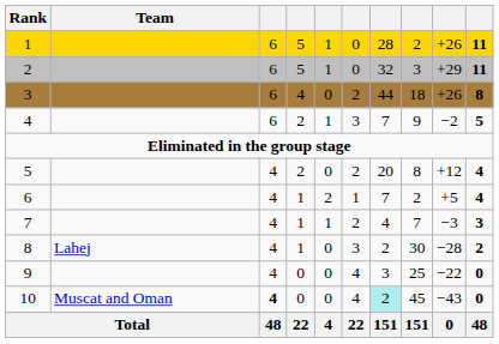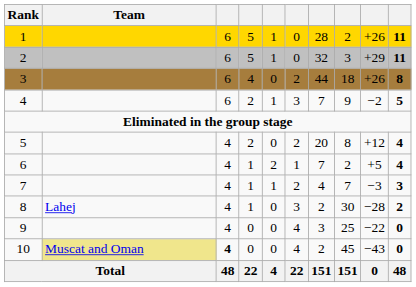 <table class="wikitable" style="text-align:center">
 <tr>
 <th width=20>Rank</th>
 <th width=200>Team</th>
 <th width="20"></th>
 <th width="20"></th>
 <th width="20"></th>
 <th width="20"></th>
 <th width="20"></th>
 <th width="20"></th>
 <th width="20"></th>
 <th width="20"></th>
 </tr>
 <tr style="background:gold;">
 <td>1</td>
 <td style="text-align:left;"></td>
 <td>6</td>
 <td>5</td>
 <td>1</td>
 <td>0</td>
 <td>28</td>
 <td>2</td>
 <td>+26</td>
 <td><strong>11</strong></td>
 </tr>
 <tr style="background:silver;">
 <td>2</td>
 <td style="text-align:left;"></td>
 <td>6</td>
 <td>5</td>
 <td>1</td>
 <td>0</td>
 <td>32</td>
 <td>3</td>
 <td>+29</td>
 <td><strong>11</strong></td>
 </tr>
 <tr style="background:#a67d3d;">
 <td>3</td>
 <td style="text-align:left;"></td>
 <td>6</td>
 <td>4</td>
 <td>0</td>
 <td>2</td>
 <td>44</td>
 <td>18</td>
 <td>+26</td>
 <td><strong>8</strong></td>
 </tr>
 <tr>
 <td>4</td>
 <td style="text-align:left;"></td>
 <td>6</td>
 <td>2</td>
 <td>1</td>
 <td>3</td>
 <td>7</td>
 <td>9</td>
 <td>−2</td>
 <td><strong>5</strong></td>
 </tr>
 <tr>
 <td colspan=14><strong>Eliminated in the group stage</strong></td>
 </tr>
 <tr>
 <td>5</td>
 <td style="text-align:left;"></td>
 <td>4</td>
 <td>2</td>
 <td>0</td>
 <td>2</td>
 <td>20</td>
 <td>8</td>
 <td>+12</td>
 <td><strong>4</strong></td>
 </tr>
 <tr>
 <td>6</td>
 <td style="text-align:left;"></td>
 <td>4</td>
 <td>1</td>
 <td>2</td>
 <td>1</td>
 <td>7</td>
 <td>2</td>
 <td>+5</td>
 <td><strong>4</strong></td>
 </tr>
 <tr>
 <td>7</td>
 <td style="text-align:left;"></td>
 <td>4</td>
 <td>1</td>
 <td>1</td>
 <td>2</td>
 <td>4</td>
 <td>7</td>
 <td>−3</td>
 <td><strong>3</strong></td>
 </tr>
 <tr>
 <td>8</td>
 <td style="text-align:left;"> <a href='#'>Lahej</a></td>
 <td>4</td>
 <td>1</td>
 <td>0</td>
 <td>3</td>
 <td>2</td>
 <td>30</td>
 <td>−28</td>
 <td><strong>2</strong></td>
 </tr>
 <tr>
 <td>9</td>
 <td style="text-align:left;"></td>
 <td>4</td>
 <td>0</td>
 <td>0</td>
 <td>4</td>
 <td>3</td>
 <td>25</td>
 <td>−22</td>
 <td><strong>0</strong></td>
 </tr>
 <tr>
 <td>10</td>
-<td style="text-align:left;"> <a href='#'>Muscat and Oman</a></td>
+<td style="background: khaki; text-align:left;"> <a href='#'>Muscat and Oman</a></td>
 <td><strong>4</strong></td>
 <td>0</td>
 <td>0</td>
 <td>4</td>
-<td style="background: paleturquoise;">2</td>
+<td>2</td>
 <td>45</td>
 <td>−43</td>
 <td><strong>0</strong></td>
 </tr>
 <tr>
 <th colspan=2>Total</th>
 <th>48</th>
 <th>22</th>
 <th>4</th>
 <th>22</th>
 <th>151</th>
 <th>151</th>
 <th>0</th>
 <th>48</th>
 </tr>
 </table>
